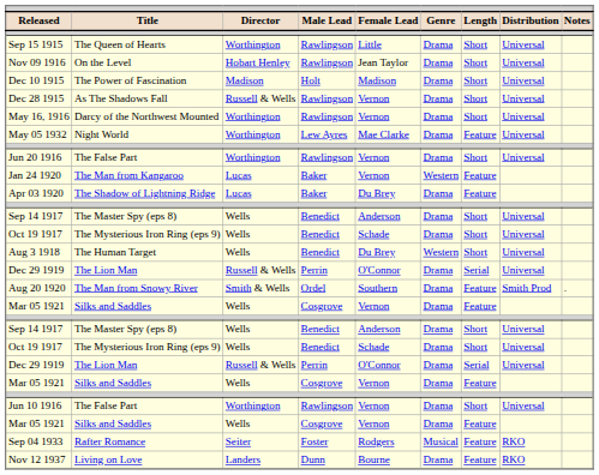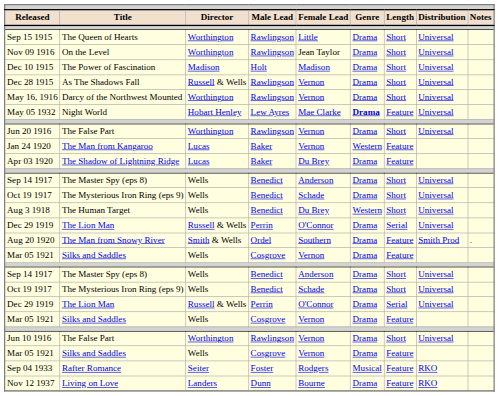 <table class="wikitable sortable mw-collapsible mw-collapsed" style="background:lightyellow; border:2px solid gray;font-size:90%"">
 <tr>
 <th colspan="18" style="border:1px solid #808080;background:lightgrey;"></th>
 </tr>
 <tr>
 <th style="border-bottom:2px solid black;border-top:2px solid black;background:#F2E0CE" class="unsortable">Released</th>
 <th style="border-bottom:2px solid black;border-top:2px solid black;background:#F2E0CE" class="unsortable">Title</th>
 <th style="border-bottom:2px solid black;border-top:2px solid black;background:#F2E0CE">Director</th>
 <th style="border-bottom:2px solid black;border-top:2px solid black;background:#F2E0CE">Male Lead</th>
 <th style="border-bottom:2px solid black;border-top:2px solid black;background:#F2E0CE">Female Lead</th>
 <th style="border-bottom:2px solid black;border-top:2px solid black;background:#F2E0CE">Genre</th>
 <th style="border-bottom:2px solid black;border-top:2px solid black;background:#F2E0CE">Length</th>
 <th style="border-bottom:2px solid black;border-top:2px solid black;background:#F2E0CE">Distribution</th>
 <th style="border-bottom:2px solid black;border-top:2px solid black;background:#F2E0CE" class="unsortable">Notes</th>
 </tr>
 <tr>
 <td colspan="9" style="border-bottom:1px solid black;background:lightgrey;"></td>
 </tr>
 <tr>
 <td>Sep 15 1915</td>
 <td>The Queen of Hearts</td>
 <td><a href='#'>Worthington</a></td>
 <td><a href='#'>Rawlingson</a></td>
 <td><a href='#'>Little</a></td>
 <td><a href='#'>Drama</a></td>
 <td><a href='#'>Short</a></td>
 <td><a href='#'>Universal</a></td>
 <td></td>
 </tr>
 <tr>
 <td>Nov 09 1916</td>
 <td>On the Level</td>
-<td><a href='#'>Hobart Henley</a></td>
+<td><a href='#'>Worthington</a></td>
 <td><a href='#'>Rawlingson</a></td>
 <td>Jean Taylor</td>
 <td><a href='#'>Drama</a></td>
 <td><a href='#'>Short</a></td>
 <td><a href='#'>Universal</a></td>
 <td></td>
 </tr>
 <tr>
 <td>Dec 10 1915</td>
 <td>The Power of Fascination</td>
 <td><a href='#'>Madison</a></td>
 <td><a href='#'>Holt</a></td>
 <td><a href='#'>Madison</a></td>
 <td><a href='#'>Drama</a></td>
 <td><a href='#'>Short</a></td>
 <td><a href='#'>Universal</a></td>
 <td></td>
 </tr>
 <tr>
 <td>Dec 28 1915</td>
 <td>As The Shadows Fall</td>
 <td><a href='#'>Russell</a> & Wells</td>
 <td><a href='#'>Rawlingson</a></td>
 <td><a href='#'>Vernon</a></td>
 <td><a href='#'>Drama</a></td>
 <td><a href='#'>Short</a></td>
 <td><a href='#'>Universal</a></td>
 <td></td>
 </tr>
 <tr>
 <td>May 16, 1916</td>
 <td>Darcy of the Northwest Mounted</td>
 <td><a href='#'>Worthington</a></td>
 <td><a href='#'>Rawlingson</a></td>
 <td><a href='#'>Vernon</a></td>
 <td><a href='#'>Drama</a></td>
 <td><a href='#'>Short</a></td>
 <td><a href='#'>Universal</a></td>
 <td></td>
 </tr>
 <tr>
 <td>May 05 1932</td>
 <td>Night World</td>
-<td><a href='#'>Worthington</a></td>
+<td><a href='#'>Hobart Henley</a></td>
 <td><a href='#'>Lew Ayres</a></td>
 <td><a href='#'>Mae Clarke</a></td>
-<td><a href='#'>Drama</a></td>
+<td><strong><a href='#'>Drama</a></strong></td>
 <td><a href='#'>Feature</a></td>
 <td><a href='#'>Universal</a></td>
 <td></td>
 </tr>
 <tr>
 <td colspan="9" style="border-bottom:1px solid black;background:lightgrey;"></td>
 </tr>
 <tr>
 <td>Jun 20 1916</td>
 <td>The False Part</td>
 <td><a href='#'>Worthington</a></td>
 <td><a href='#'>Rawlingson</a></td>
 <td><a href='#'>Vernon</a></td>
 <td><a href='#'>Drama</a></td>
 <td><a href='#'>Short</a></td>
 <td><a href='#'>Universal</a></td>
 <td></td>
 </tr>
 <tr>
 <td>Jan 24 1920</td>
 <td><a href='#'>The Man from Kangaroo</a></td>
 <td><a href='#'>Lucas</a></td>
 <td><a href='#'>Baker</a></td>
 <td><a href='#'>Vernon</a></td>
 <td><a href='#'>Western</a></td>
 <td><a href='#'>Feature</a></td>
 <td></td>
 <td></td>
 </tr>
 <tr>
 <td>Apr 03 1920</td>
 <td><a href='#'>The Shadow of Lightning Ridge</a></td>
 <td><a href='#'>Lucas</a></td>
 <td><a href='#'>Baker</a></td>
 <td><a href='#'>Du Brey</a></td>
 <td><a href='#'>Drama</a></td>
 <td><a href='#'>Feature</a></td>
 <td></td>
 <td></td>
 </tr>
 <tr>
 <td colspan="9" style="border-bottom:1px solid black;background:lightgrey;"></td>
 </tr>
 <tr>
 <td>Sep 14 1917</td>
 <td>The Master Spy (eps 8)</td>
 <td>Wells</td>
 <td><a href='#'>Benedict</a></td>
 <td><a href='#'>Anderson</a></td>
 <td><a href='#'>Drama</a></td>
 <td><a href='#'>Short</a></td>
 <td><a href='#'>Universal</a></td>
 <td></td>
 </tr>
 <tr>
 <td>Oct 19 1917</td>
 <td>The Mysterious Iron Ring (eps 9)</td>
 <td>Wells</td>
 <td><a href='#'>Benedict</a></td>
 <td><a href='#'>Schade</a></td>
 <td><a href='#'>Drama</a></td>
 <td><a href='#'>Short</a></td>
 <td><a href='#'>Universal</a></td>
 <td></td>
 </tr>
 <tr>
 <td>Aug 3 1918</td>
 <td>The Human Target</td>
 <td>Wells</td>
 <td><a href='#'>Benedict</a></td>
 <td><a href='#'>Du Brey</a></td>
 <td><a href='#'>Western</a></td>
 <td><a href='#'>Short</a></td>
 <td><a href='#'>Universal</a></td>
 <td></td>
 </tr>
 <tr>
 <td>Dec 29 1919</td>
 <td><a href='#'>The Lion Man</a></td>
 <td><a href='#'>Russell</a> & Wells</td>
 <td><a href='#'>Perrin</a></td>
 <td><a href='#'>O'Connor</a></td>
 <td><a href='#'>Drama</a></td>
 <td><a href='#'>Serial</a></td>
 <td><a href='#'>Universal</a></td>
 <td></td>
 </tr>
 <tr>
 <td>Aug 20 1920</td>
 <td><a href='#'>The Man from Snowy River</a></td>
 <td><a href='#'>Smith</a> & Wells</td>
 <td><a href='#'>Ordel</a></td>
 <td><a href='#'>Southern</a></td>
 <td><a href='#'>Drama</a></td>
 <td><a href='#'>Feature</a></td>
 <td><a href='#'>Smith Prod</a></td>
 <td>.</td>
 </tr>
 <tr>
 <td>Mar 05 1921</td>
 <td><a href='#'>Silks and Saddles</a></td>
 <td>Wells</td>
 <td><a href='#'>Cosgrove</a></td>
 <td><a href='#'>Vernon</a></td>
 <td><a href='#'>Drama</a></td>
 <td><a href='#'>Feature</a></td>
 <td></td>
 <td></td>
 </tr>
 <tr>
 <td colspan="9" style="border-bottom:1px solid black;background:lightgrey;"></td>
 </tr>
 <tr>
 <td>Sep 14 1917</td>
 <td>The Master Spy (eps 8)</td>
 <td>Wells</td>
 <td><a href='#'>Benedict</a></td>
 <td><a href='#'>Anderson</a></td>
 <td><a href='#'>Drama</a></td>
 <td><a href='#'>Short</a></td>
 <td><a href='#'>Universal</a></td>
 <td></td>
 </tr>
 <tr>
 <td>Oct 19 1917</td>
 <td>The Mysterious Iron Ring (eps 9)</td>
 <td>Wells</td>
 <td><a href='#'>Benedict</a></td>
 <td><a href='#'>Schade</a></td>
 <td><a href='#'>Drama</a></td>
 <td><a href='#'>Short</a></td>
 <td><a href='#'>Universal</a></td>
 <td></td>
 </tr>
 <tr>
 <td>Dec 29 1919</td>
 <td><a href='#'>The Lion Man</a></td>
 <td><a href='#'>Russell</a> & Wells</td>
 <td><a href='#'>Perrin</a></td>
 <td><a href='#'>O'Connor</a></td>
 <td><a href='#'>Drama</a></td>
 <td><a href='#'>Serial</a></td>
 <td><a href='#'>Universal</a></td>
 <td></td>
 </tr>
 <tr>
 <td>Mar 05 1921</td>
 <td><a href='#'>Silks and Saddles</a></td>
 <td>Wells</td>
 <td><a href='#'>Cosgrove</a></td>
 <td><a href='#'>Vernon</a></td>
 <td><a href='#'>Drama</a></td>
 <td><a href='#'>Feature</a></td>
 <td></td>
 <td></td>
 </tr>
 <tr>
 <td colspan="9" style="border-bottom:1px solid black;background:lightgrey;"></td>
 </tr>
 <tr>
 <td>Jun 10 1916</td>
 <td>The False Part</td>
 <td><a href='#'>Worthington</a></td>
 <td><a href='#'>Rawlingson</a></td>
 <td><a href='#'>Vernon</a></td>
 <td><a href='#'>Drama</a></td>
 <td><a href='#'>Short</a></td>
 <td><a href='#'>Universal</a></td>
 <td></td>
 </tr>
 <tr>
 <td>Mar 05 1921</td>
 <td><a href='#'>Silks and Saddles</a></td>
 <td>Wells</td>
 <td><a href='#'>Cosgrove</a></td>
 <td><a href='#'>Vernon</a></td>
 <td><a href='#'>Drama</a></td>
 <td><a href='#'>Feature</a></td>
 <td></td>
 <td></td>
 </tr>
 <tr>
 <td>Sep 04 1933</td>
 <td><a href='#'>Rafter Romance</a></td>
 <td><a href='#'>Seiter</a></td>
 <td><a href='#'>Foster</a></td>
 <td><a href='#'>Rodgers</a></td>
 <td><a href='#'>Musical</a></td>
 <td><a href='#'>Feature</a></td>
 <td><a href='#'>RKO</a></td>
 <td></td>
 </tr>
 <tr>
 <td>Nov 12 1937</td>
 <td><a href='#'>Living on Love</a></td>
 <td><a href='#'>Landers</a></td>
 <td><a href='#'>Dunn</a></td>
 <td><a href='#'>Bourne</a></td>
 <td><a href='#'>Drama</a></td>
 <td><a href='#'>Feature</a></td>
 <td><a href='#'>RKO</a></td>
 <td></td>
 </tr>
 <tr>
 </tr>
 </table>
